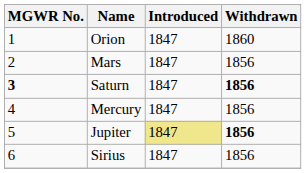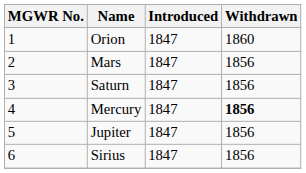 <table class="wikitable">
 <tr>
 <th>MGWR No.</th>
 <th>Name</th>
 <th>Introduced</th>
 <th>Withdrawn</th>
 </tr>
 <tr>
 <td>1</td>
 <td>Orion</td>
 <td>1847</td>
 <td>1860</td>
 </tr>
 <tr>
 <td>2</td>
 <td>Mars</td>
 <td>1847</td>
 <td>1856</td>
 </tr>
 <tr>
-<td><strong>3</strong></td>
+<td>3</td>
 <td>Saturn</td>
 <td>1847</td>
-<td><strong>1856</strong></td>
+<td>1856</td>
 </tr>
 <tr>
 <td>4</td>
 <td>Mercury</td>
 <td>1847</td>
-<td>1856</td>
+<td><strong>1856</strong></td>
 </tr>
 <tr>
 <td>5</td>
 <td>Jupiter</td>
-<td style="background: khaki;">1847</td>
-<td><strong>1856</strong></td>
+<td>1847</td>
+<td>1856</td>
 </tr>
 <tr>
 <td>6</td>
 <td>Sirius</td>
 <td>1847</td>
 <td>1856</td>
 </tr>
 <tr>
 </tr>
 </table>
